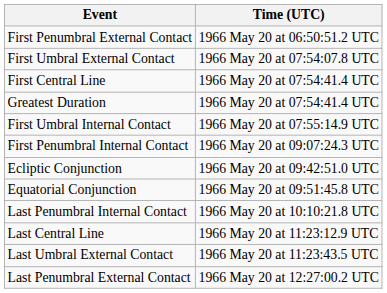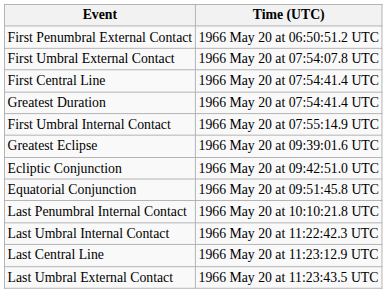 <table class="wikitable">
 <tr>
 <th>Event</th>
 <th>Time (UTC)</th>
 </tr>
 <tr>
 <td>First Penumbral External Contact</td>
 <td>1966 May 20 at 06:50:51.2 UTC</td>
 </tr>
 <tr>
 <td>First Umbral External Contact</td>
 <td>1966 May 20 at 07:54:07.8 UTC</td>
 </tr>
 <tr>
 <td>First Central Line</td>
 <td>1966 May 20 at 07:54:41.4 UTC</td>
 </tr>
 <tr>
 <td>Greatest Duration</td>
 <td>1966 May 20 at 07:54:41.4 UTC</td>
 </tr>
 <tr>
 <td>First Umbral Internal Contact</td>
 <td>1966 May 20 at 07:55:14.9 UTC</td>
 </tr>
 <tr>
-<td>First Penumbral Internal Contact</td>
-<td>1966 May 20 at 09:07:24.3 UTC</td>
+<td>Greatest Eclipse</td>
+<td>1966 May 20 at 09:39:01.6 UTC</td>
 </tr>
 <tr>
 <td>Ecliptic Conjunction</td>
 <td>1966 May 20 at 09:42:51.0 UTC</td>
 </tr>
 <tr>
 <td>Equatorial Conjunction</td>
 <td>1966 May 20 at 09:51:45.8 UTC</td>
 </tr>
 <tr>
 <td>Last Penumbral Internal Contact</td>
 <td>1966 May 20 at 10:10:21.8 UTC</td>
 </tr>
 <tr>
+<td>Last Umbral Internal Contact</td>
+<td>1966 May 20 at 11:22:42.3 UTC</td>
+</tr>
+<tr>
 <td>Last Central Line</td>
 <td>1966 May 20 at 11:23:12.9 UTC</td>
 </tr>
 <tr>
 <td>Last Umbral External Contact</td>
 <td>1966 May 20 at 11:23:43.5 UTC</td>
 </tr>
-<tr>
-<td>Last Penumbral External Contact</td>
-<td>1966 May 20 at 12:27:00.2 UTC</td>
-</tr>
 </table>
